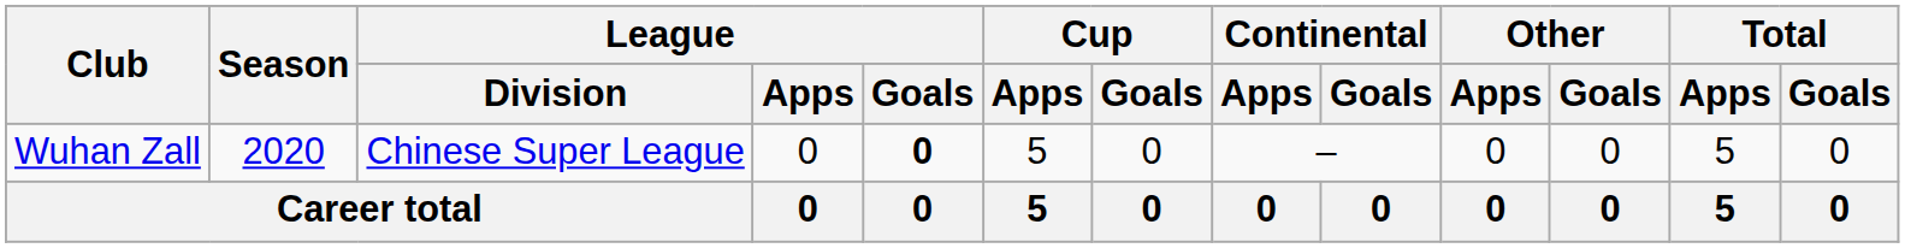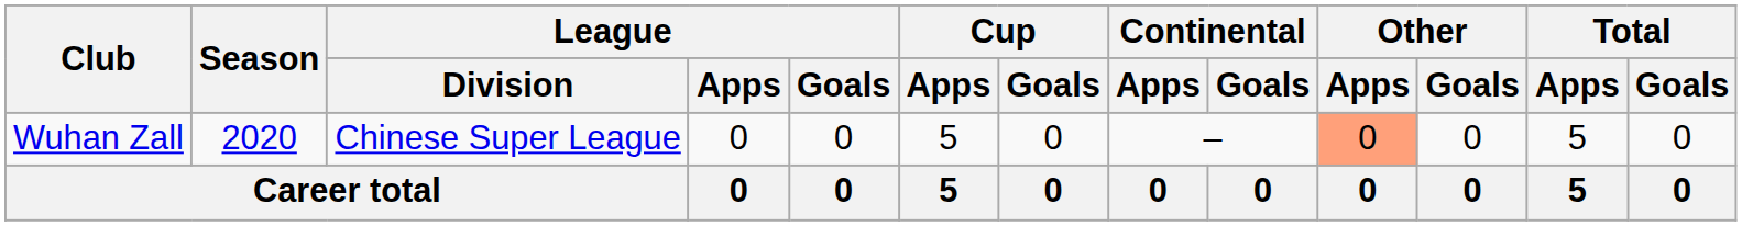 <table class="wikitable" style="text-align: center">
 <tr>
 <th rowspan="2">Club</th>
 <th rowspan="2">Season</th>
 <th colspan="3">League</th>
 <th colspan="2">Cup</th>
 <th colspan="2">Continental</th>
 <th colspan="2">Other</th>
 <th colspan="2">Total</th>
 </tr>
 <tr>
 <th>Division</th>
 <th>Apps</th>
 <th>Goals</th>
 <th>Apps</th>
 <th>Goals</th>
 <th>Apps</th>
 <th>Goals</th>
 <th>Apps</th>
 <th>Goals</th>
 <th>Apps</th>
 <th>Goals</th>
 </tr>
 <tr>
 <td><a href='#'>Wuhan Zall</a></td>
 <td><a href='#'>2020</a></td>
 <td><a href='#'>Chinese Super League</a></td>
 <td>0</td>
-<td><strong>0</strong></td>
+<td>0</td>
 <td>5</td>
 <td>0</td>
 <td colspan="2">–</td>
-<td>0</td>
+<td style="background: lightsalmon;">0</td>
 <td>0</td>
 <td>5</td>
 <td>0</td>
 </tr>
 <tr>
 <th colspan=3>Career total</th>
 <th>0</th>
 <th>0</th>
 <th>5</th>
 <th>0</th>
 <th>0</th>
 <th>0</th>
 <th>0</th>
 <th>0</th>
 <th>5</th>
 <th>0</th>
 </tr>
 </table>
